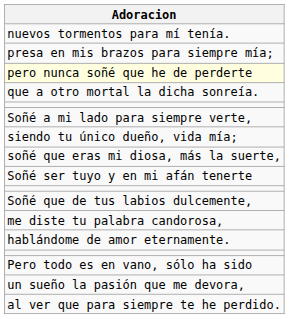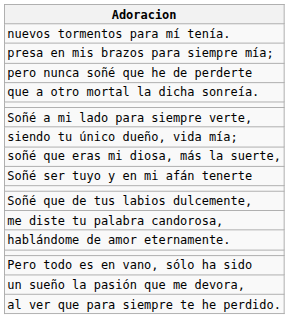 <table class="wikitable">
 <tr>
 <th>Adoracion</th>
 </tr>
 <tr>
 <td>nuevos tormentos para mí tenía.</td>
 </tr>
 <tr>
 <td>presa en mis brazos para siempre mía;</td>
 </tr>
 <tr>
-<td style="background: lightyellow;">pero nunca soñé que he de perderte</td>
+<td>pero nunca soñé que he de perderte</td>
 </tr>
 <tr>
 <td>que a otro mortal la dicha sonreía.</td>
 </tr>
 <tr>
 <td></td>
 </tr>
 <tr>
 <td>Soñé a mi lado para siempre verte,</td>
 </tr>
 <tr>
 <td>siendo tu único dueño, vida mía;</td>
 </tr>
 <tr>
 <td>soñé que eras mi diosa, más la suerte,</td>
 </tr>
 <tr>
 <td>Soñé ser tuyo y en mi afán tenerte</td>
 </tr>
 <tr>
 <td></td>
 </tr>
 <tr>
 <td>Soñé que de tus labios dulcemente,</td>
 </tr>
 <tr>
 <td>me diste tu palabra candorosa,</td>
 </tr>
 <tr>
 <td>hablándome de amor eternamente.</td>
 </tr>
 <tr>
 <td></td>
 </tr>
 <tr>
 <td>Pero todo es en vano, sólo ha sido</td>
 </tr>
 <tr>
 <td>un sueño la pasión que me devora,</td>
 </tr>
 <tr>
 <td>al ver que para siempre te he perdido.</td>
 </tr>
 </table>
